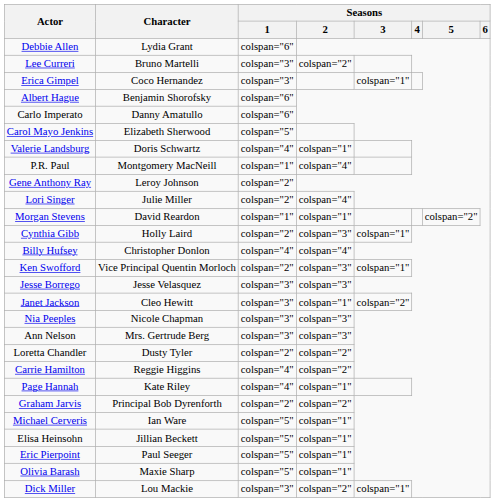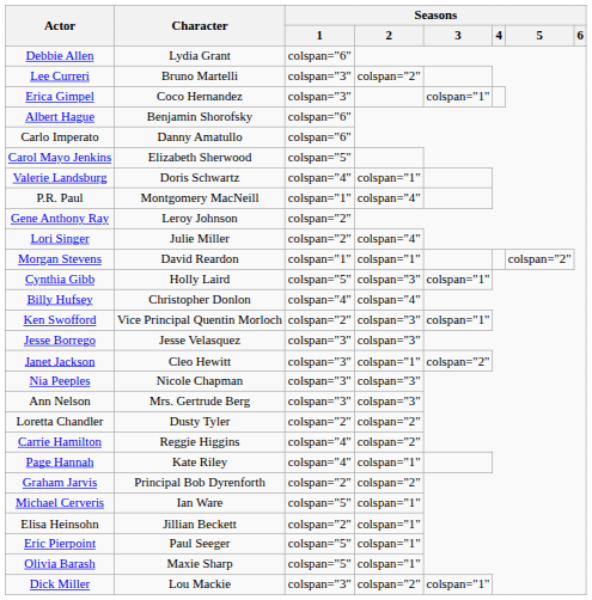 <table class="wikitable sortable" style="text-align:center;">
 <tr>
 <th rowspan="2">Actor</th>
 <th rowspan="2">Character</th>
 <th colspan="6">Seasons</th>
 </tr>
 <tr>
 <th>1</th>
 <th>2</th>
 <th>3</th>
 <th>4</th>
 <th>5</th>
 <th>6</th>
 </tr>
 <tr>
 <td><a href='#'>Debbie Allen</a></td>
 <td>Lydia Grant</td>
 <td>colspan="6" </td>
 </tr>
 <tr>
 <td><a href='#'>Lee Curreri</a></td>
 <td>Bruno Martelli</td>
 <td>colspan="3" </td>
 <td>colspan="2" </td>
 <td></td>
 </tr>
 <tr>
 <td><a href='#'>Erica Gimpel</a></td>
 <td>Coco Hernandez</td>
 <td>colspan="3" </td>
 <td></td>
 <td>colspan="1" </td>
 <td></td>
 </tr>
 <tr>
 <td><a href='#'>Albert Hague</a></td>
 <td>Benjamin Shorofsky</td>
 <td>colspan="6" </td>
 </tr>
 <tr>
 <td>Carlo Imperato</td>
 <td>Danny Amatullo</td>
 <td>colspan="6" </td>
 </tr>
 <tr>
 <td><a href='#'>Carol Mayo Jenkins</a></td>
 <td>Elizabeth Sherwood</td>
 <td>colspan="5" </td>
 <td></td>
 </tr>
 <tr>
 <td><a href='#'>Valerie Landsburg</a></td>
 <td>Doris Schwartz</td>
 <td>colspan="4" </td>
 <td>colspan="1" </td>
 <td></td>
 </tr>
 <tr>
 <td>P.R. Paul</td>
 <td>Montgomery MacNeill</td>
 <td>colspan="1" </td>
 <td>colspan="4" </td>
 <td></td>
 </tr>
 <tr>
 <td><a href='#'>Gene Anthony Ray</a></td>
 <td>Leroy Johnson</td>
 <td>colspan="2" </td>
 </tr>
 <tr>
 <td><a href='#'>Lori Singer</a></td>
 <td>Julie Miller</td>
 <td>colspan="2" </td>
 <td>colspan="4" </td>
 </tr>
 <tr>
 <td><a href='#'>Morgan Stevens</a></td>
 <td>David Reardon</td>
 <td>colspan="1" </td>
 <td>colspan="1" </td>
 <td></td>
 <td></td>
 <td>colspan="2" </td>
 </tr>
 <tr>
 <td><a href='#'>Cynthia Gibb</a></td>
 <td>Holly Laird</td>
-<td>colspan="2" </td>
+<td>colspan="5" </td>
 <td>colspan="3" </td>
 <td>colspan="1" </td>
 </tr>
 <tr>
 <td><a href='#'>Billy Hufsey</a></td>
 <td>Christopher Donlon</td>
 <td>colspan="4" </td>
 <td>colspan="4" </td>
 </tr>
 <tr>
 <td><a href='#'>Ken Swofford</a></td>
 <td>Vice Principal Quentin Morloch</td>
 <td>colspan="2" </td>
 <td>colspan="3" </td>
 <td>colspan="1" </td>
 </tr>
 <tr>
 <td><a href='#'>Jesse Borrego</a></td>
 <td>Jesse Velasquez</td>
 <td>colspan="3" </td>
 <td>colspan="3" </td>
 </tr>
 <tr>
 <td><a href='#'>Janet Jackson</a></td>
 <td>Cleo Hewitt</td>
 <td>colspan="3" </td>
 <td>colspan="1" </td>
 <td>colspan="2" </td>
 </tr>
 <tr>
 <td><a href='#'>Nia Peeples</a></td>
 <td>Nicole Chapman</td>
 <td>colspan="3" </td>
 <td>colspan="3" </td>
 </tr>
 <tr>
 <td>Ann Nelson</td>
 <td>Mrs. Gertrude Berg</td>
 <td>colspan="3" </td>
 <td>colspan="3" </td>
 </tr>
 <tr>
 <td>Loretta Chandler</td>
 <td>Dusty Tyler</td>
 <td>colspan="2" </td>
 <td>colspan="2" </td>
 </tr>
 <tr>
 <td><a href='#'>Carrie Hamilton</a></td>
 <td>Reggie Higgins</td>
 <td>colspan="4" </td>
 <td>colspan="2" </td>
 </tr>
 <tr>
 <td><a href='#'>Page Hannah</a></td>
 <td>Kate Riley</td>
 <td>colspan="4" </td>
 <td>colspan="1" </td>
 <td></td>
 </tr>
 <tr>
 <td><a href='#'>Graham Jarvis</a></td>
 <td>Principal Bob Dyrenforth</td>
 <td>colspan="2" </td>
 <td>colspan="2" </td>
 </tr>
 <tr>
 <td><a href='#'>Michael Cerveris</a></td>
 <td>Ian Ware</td>
 <td>colspan="5" </td>
 <td>colspan="1" </td>
 </tr>
 <tr>
 <td>Elisa Heinsohn</td>
 <td>Jillian Beckett</td>
-<td>colspan="5" </td>
+<td>colspan="2" </td>
 <td>colspan="1" </td>
 </tr>
 <tr>
 <td><a href='#'>Eric Pierpoint</a></td>
 <td>Paul Seeger</td>
 <td>colspan="5" </td>
 <td>colspan="1" </td>
 </tr>
 <tr>
 <td><a href='#'>Olivia Barash</a></td>
 <td>Maxie Sharp</td>
 <td>colspan="5" </td>
 <td>colspan="1" </td>
 </tr>
 <tr>
 <td><a href='#'>Dick Miller</a></td>
 <td>Lou Mackie</td>
 <td>colspan="3" </td>
 <td>colspan="2" </td>
 <td>colspan="1" </td>
 </tr>
 </table>
